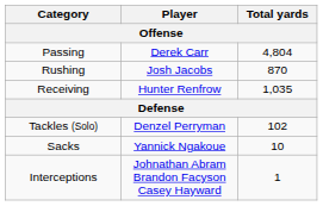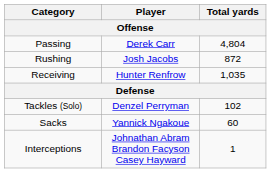 <table class="wikitable" style="text-align:center">
 <tr>
 <th width="150">Category</th>
 <th width="150">Player</th>
 <th width="100">Total yards</th>
 </tr>
 <tr>
 <th align="center" colspan="4">Offense</th>
 </tr>
 <tr>
 <td>Passing</td>
 <td><a href='#'>Derek Carr</a></td>
 <td>4,804</td>
 </tr>
 <tr>
 <td>Rushing</td>
 <td><a href='#'>Josh Jacobs</a></td>
-<td>870</td>
+<td>872</td>
 </tr>
 <tr>
 <td>Receiving</td>
 <td><a href='#'>Hunter Renfrow</a></td>
 <td>1,035</td>
 </tr>
 <tr>
 <th align="center" colspan="4">Defense</th>
 </tr>
 <tr>
 <td>Tackles <small>(Solo)</small></td>
 <td><a href='#'>Denzel Perryman</a></td>
 <td>102</td>
 </tr>
 <tr>
 <td>Sacks</td>
 <td><a href='#'>Yannick Ngakoue</a></td>
-<td>10</td>
+<td>60</td>
 </tr>
 <tr>
 <td>Interceptions</td>
 <td><a href='#'>Johnathan Abram</a><br><a href='#'>Brandon Facyson</a><br><a href='#'>Casey Hayward</a></td>
 <td>1</td>
 </tr>
 </table>
